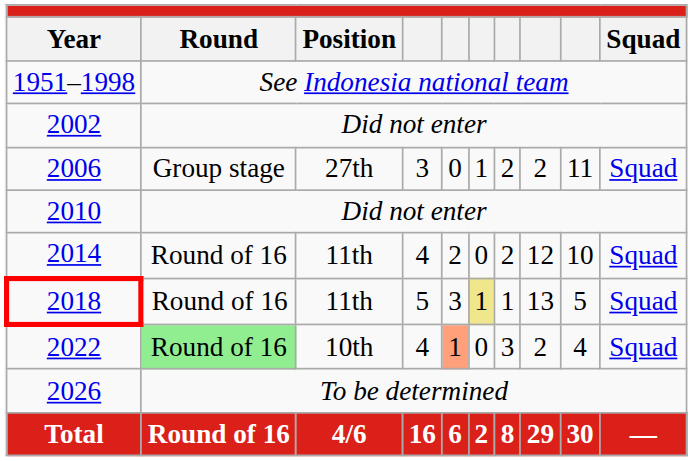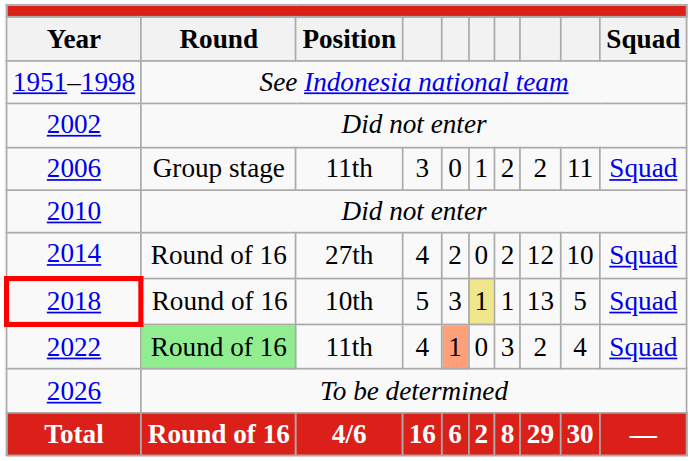 <table class="wikitable" style="text-align: center;">
 <tr>
 <th colspan="10" style="background: #DB2019; color: #FFFFFF;"><a href='#'></a></th>
 </tr>
 <tr>
 <th>Year</th>
 <th>Round</th>
 <th>Position</th>
 <th></th>
 <th></th>
 <th></th>
 <th></th>
 <th></th>
 <th></th>
 <th>Squad</th>
 </tr>
 <tr>
 <td><a href='#'>1951</a>–<a href='#'>1998</a></td>
 <td colspan=9><em>See <a href='#'>Indonesia national team</a></em></td>
 </tr>
 <tr>
 <td> <a href='#'>2002</a></td>
 <td colspan=9><em>Did not enter</em></td>
 </tr>
 <tr>
 <td> <a href='#'>2006</a></td>
 <td>Group stage</td>
-<td>27th</td>
+<td>11th</td>
 <td>3</td>
 <td>0</td>
 <td>1</td>
 <td>2</td>
 <td>2</td>
 <td>11</td>
 <td><a href='#'>Squad</a></td>
 </tr>
 <tr>
 <td> <a href='#'>2010</a></td>
 <td colspan=9><em>Did not enter</em></td>
 </tr>
 <tr>
 <td> <a href='#'>2014</a></td>
 <td>Round of 16</td>
-<td>11th</td>
+<td>27th</td>
 <td>4</td>
 <td>2</td>
 <td>0</td>
 <td>2</td>
 <td>12</td>
 <td>10</td>
 <td><a href='#'>Squad</a></td>
 </tr>
 <tr>
 <td style="border: 3px solid red"> <a href='#'>2018</a></td>
 <td>Round of 16</td>
-<td>11th</td>
+<td>10th</td>
 <td>5</td>
 <td>3</td>
 <td style="background: khaki;">1</td>
 <td>1</td>
 <td>13</td>
 <td>5</td>
 <td><a href='#'>Squad</a></td>
 </tr>
 <tr>
 <td> <a href='#'>2022</a></td>
 <td style="background: lightgreen;">Round of 16</td>
-<td>10th</td>
+<td>11th</td>
 <td>4</td>
 <td style="background: lightsalmon;">1</td>
 <td>0</td>
 <td>3</td>
 <td>2</td>
 <td>4</td>
 <td><a href='#'>Squad</a></td>
 </tr>
 <tr>
 <td> <a href='#'>2026</a></td>
 <td colspan=9><em>To be determined</em></td>
 </tr>
 <tr style="background: #DB2019; color: #FFFFFF;|">
 <td><strong>Total</strong></td>
 <td><strong>Round of 16</strong></td>
 <td><strong>4/6</strong></td>
 <td><strong>16</strong></td>
 <td><strong>6</strong></td>
 <td><strong>2</strong></td>
 <td><strong>8</strong></td>
 <td><strong>29</strong></td>
 <td><strong>30</strong></td>
 <td><strong>—</strong></td>
 </tr>
 </table>
